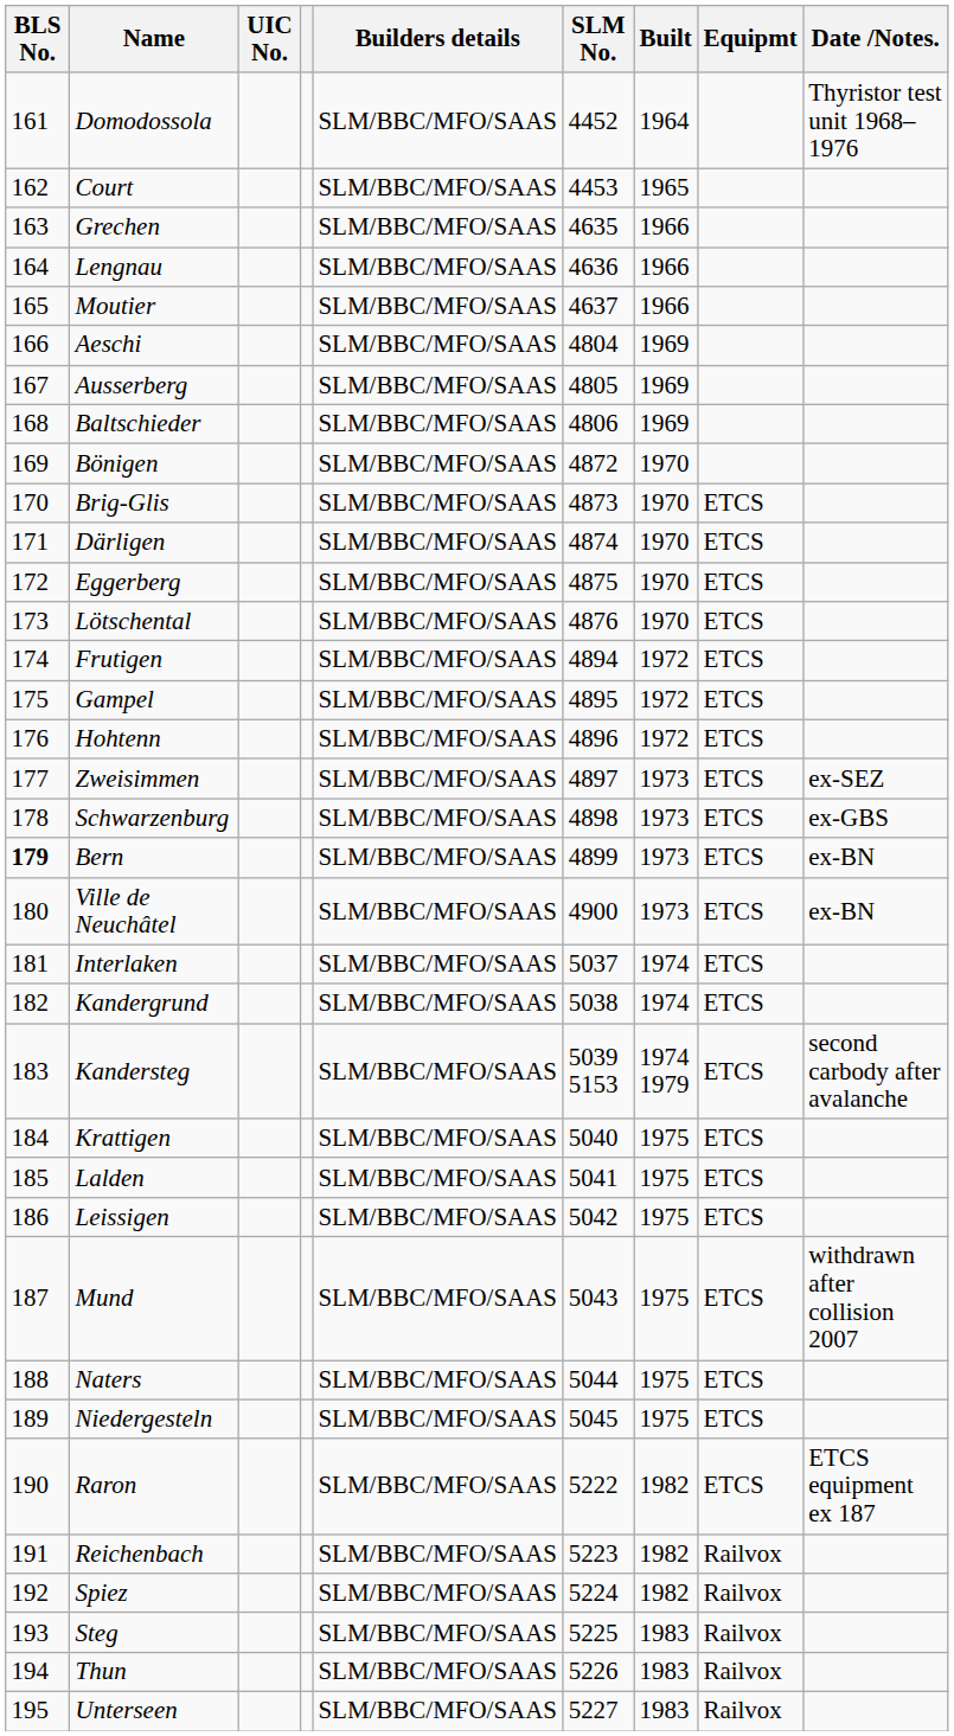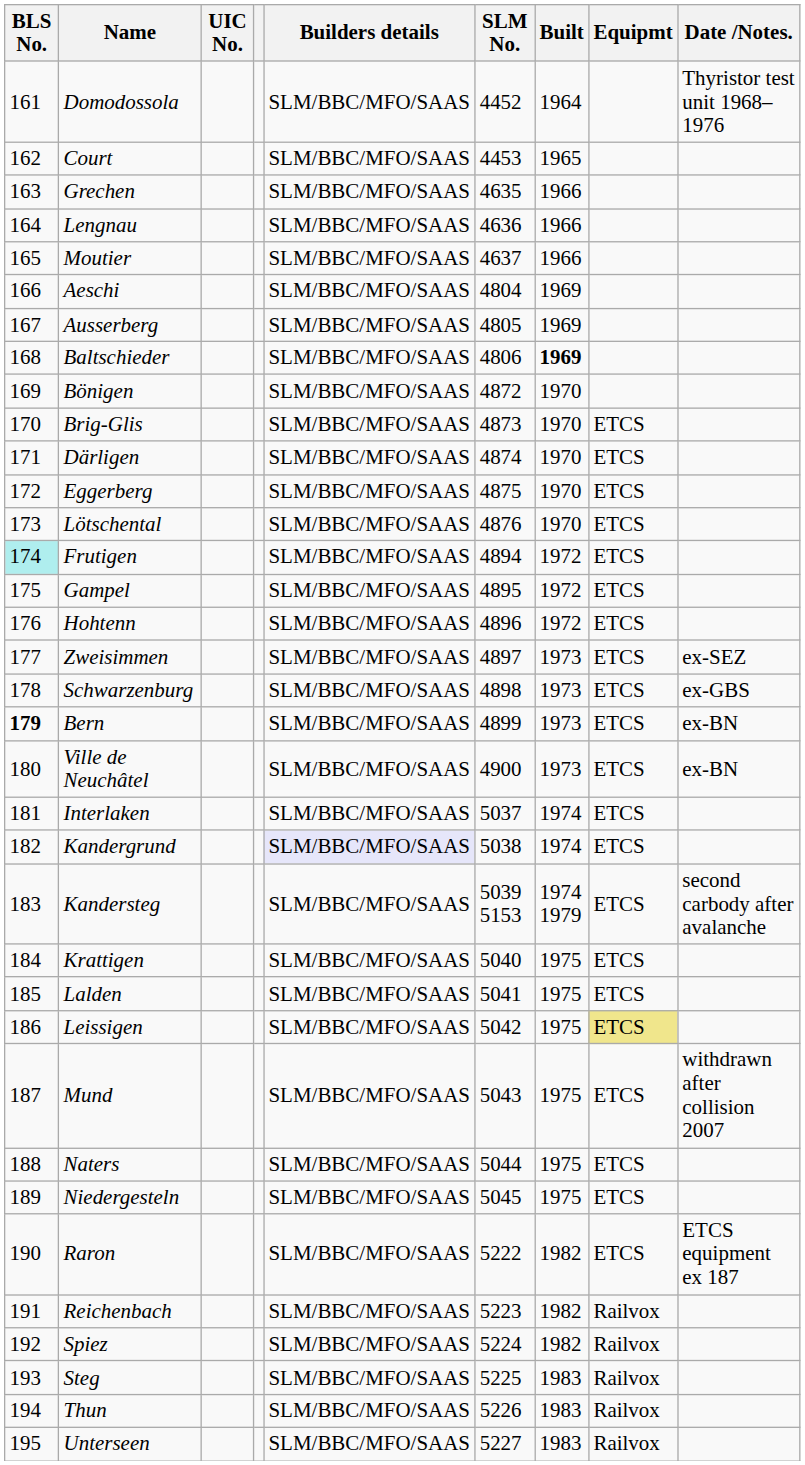 <table class="wikitable">
 <tr>
 <th>BLS No.</th>
 <th>Name</th>
 <th>UIC No.</th>
 <th></th>
 <th>Builders details</th>
 <th>SLM No.</th>
 <th>Built</th>
 <th>Equipmt</th>
 <th>Date /Notes.</th>
 </tr>
 <tr>
 <td>161</td>
 <td><em>Domodossola</em></td>
 <td></td>
 <td></td>
 <td>SLM/BBC/MFO/SAAS</td>
 <td>4452</td>
 <td>1964</td>
 <td></td>
 <td>Thyristor test unit 1968–1976</td>
 </tr>
 <tr>
 <td>162</td>
 <td><em>Court</em></td>
 <td></td>
 <td></td>
 <td>SLM/BBC/MFO/SAAS</td>
 <td>4453</td>
 <td>1965</td>
 <td></td>
 <td></td>
 </tr>
 <tr>
 <td>163</td>
 <td><em>Grechen</em></td>
 <td></td>
 <td></td>
 <td>SLM/BBC/MFO/SAAS</td>
 <td>4635</td>
 <td>1966</td>
 <td></td>
 <td></td>
 </tr>
 <tr>
 <td>164</td>
 <td><em>Lengnau</em></td>
 <td></td>
 <td></td>
 <td>SLM/BBC/MFO/SAAS</td>
 <td>4636</td>
 <td>1966</td>
 <td></td>
 <td></td>
 </tr>
 <tr>
 <td>165</td>
 <td><em>Moutier</em></td>
 <td></td>
 <td></td>
 <td>SLM/BBC/MFO/SAAS</td>
 <td>4637</td>
 <td>1966</td>
 <td></td>
 <td></td>
 </tr>
 <tr>
 <td>166</td>
 <td><em>Aeschi</em></td>
 <td></td>
 <td></td>
 <td>SLM/BBC/MFO/SAAS</td>
 <td>4804</td>
 <td>1969</td>
 <td></td>
 <td></td>
 </tr>
 <tr>
 <td>167</td>
 <td><em>Ausserberg</em></td>
 <td></td>
 <td></td>
 <td>SLM/BBC/MFO/SAAS</td>
 <td>4805</td>
 <td>1969</td>
 <td></td>
 <td></td>
 </tr>
 <tr>
 <td>168</td>
 <td><em>Baltschieder</em></td>
 <td></td>
 <td></td>
 <td>SLM/BBC/MFO/SAAS</td>
 <td>4806</td>
-<td>1969</td>
+<td><strong>1969</strong></td>
 <td></td>
 <td></td>
 </tr>
 <tr>
 <td>169</td>
 <td><em>Bönigen</em></td>
 <td></td>
 <td></td>
 <td>SLM/BBC/MFO/SAAS</td>
 <td>4872</td>
 <td>1970</td>
 <td></td>
 <td></td>
 </tr>
 <tr>
 <td>170</td>
 <td><em>Brig-Glis</em></td>
 <td></td>
 <td></td>
 <td>SLM/BBC/MFO/SAAS</td>
 <td>4873</td>
 <td>1970</td>
 <td>ETCS</td>
 <td></td>
 </tr>
 <tr>
 <td>171</td>
 <td><em>Därligen</em></td>
 <td></td>
 <td></td>
 <td>SLM/BBC/MFO/SAAS</td>
 <td>4874</td>
 <td>1970</td>
 <td>ETCS</td>
 <td></td>
 </tr>
 <tr>
 <td>172</td>
 <td><em>Eggerberg</em></td>
 <td></td>
 <td></td>
 <td>SLM/BBC/MFO/SAAS</td>
 <td>4875</td>
 <td>1970</td>
 <td>ETCS</td>
 <td></td>
 </tr>
 <tr>
 <td>173</td>
 <td><em>Lötschental</em></td>
 <td></td>
 <td></td>
 <td>SLM/BBC/MFO/SAAS</td>
 <td>4876</td>
 <td>1970</td>
 <td>ETCS</td>
 <td></td>
 </tr>
 <tr>
-<td>174</td>
+<td style="background: paleturquoise;">174</td>
 <td><em>Frutigen</em></td>
 <td></td>
 <td></td>
 <td>SLM/BBC/MFO/SAAS</td>
 <td>4894</td>
 <td>1972</td>
 <td>ETCS</td>
 <td></td>
 </tr>
 <tr>
 <td>175</td>
 <td><em>Gampel</em></td>
 <td></td>
 <td></td>
 <td>SLM/BBC/MFO/SAAS</td>
 <td>4895</td>
 <td>1972</td>
 <td>ETCS</td>
 <td></td>
 </tr>
 <tr>
 <td>176</td>
 <td><em>Hohtenn</em></td>
 <td></td>
 <td></td>
 <td>SLM/BBC/MFO/SAAS</td>
 <td>4896</td>
 <td>1972</td>
 <td>ETCS</td>
 <td></td>
 </tr>
 <tr>
 <td>177</td>
 <td><em>Zweisimmen</em></td>
 <td></td>
 <td></td>
 <td>SLM/BBC/MFO/SAAS</td>
 <td>4897</td>
 <td>1973</td>
 <td>ETCS</td>
 <td>ex-SEZ</td>
 </tr>
 <tr>
 <td>178</td>
 <td><em>Schwarzenburg</em></td>
 <td></td>
 <td></td>
 <td>SLM/BBC/MFO/SAAS</td>
 <td>4898</td>
 <td>1973</td>
 <td>ETCS</td>
 <td>ex-GBS</td>
 </tr>
 <tr>
 <td><strong>179</strong></td>
 <td><em>Bern</em></td>
 <td></td>
 <td></td>
 <td>SLM/BBC/MFO/SAAS</td>
 <td>4899</td>
 <td>1973</td>
 <td>ETCS</td>
 <td>ex-BN</td>
 </tr>
 <tr>
 <td>180</td>
 <td><em>Ville de Neuchâtel</em></td>
 <td></td>
 <td></td>
 <td>SLM/BBC/MFO/SAAS</td>
 <td>4900</td>
 <td>1973</td>
 <td>ETCS</td>
 <td>ex-BN</td>
 </tr>
 <tr>
 <td>181</td>
 <td><em>Interlaken</em></td>
 <td></td>
 <td></td>
 <td>SLM/BBC/MFO/SAAS</td>
 <td>5037</td>
 <td>1974</td>
 <td>ETCS</td>
 <td></td>
 </tr>
 <tr>
 <td>182</td>
 <td><em>Kandergrund</em></td>
 <td></td>
 <td></td>
-<td>SLM/BBC/MFO/SAAS</td>
+<td style="background: lavender;">SLM/BBC/MFO/SAAS</td>
 <td>5038</td>
 <td>1974</td>
 <td>ETCS</td>
 <td></td>
 </tr>
 <tr>
 <td>183</td>
 <td><em>Kandersteg</em></td>
 <td></td>
 <td></td>
 <td>SLM/BBC/MFO/SAAS</td>
 <td>5039<br>5153</td>
 <td>1974<br>1979</td>
 <td>ETCS</td>
 <td>second carbody after avalanche</td>
 </tr>
 <tr>
 <td>184</td>
 <td><em>Krattigen</em></td>
 <td></td>
 <td></td>
 <td>SLM/BBC/MFO/SAAS</td>
 <td>5040</td>
 <td>1975</td>
 <td>ETCS</td>
 <td></td>
 </tr>
 <tr>
 <td>185</td>
 <td><em>Lalden</em></td>
 <td></td>
 <td></td>
 <td>SLM/BBC/MFO/SAAS</td>
 <td>5041</td>
 <td>1975</td>
 <td>ETCS</td>
 <td></td>
 </tr>
 <tr>
 <td>186</td>
 <td><em>Leissigen</em></td>
 <td></td>
 <td></td>
 <td>SLM/BBC/MFO/SAAS</td>
 <td>5042</td>
 <td>1975</td>
-<td>ETCS</td>
+<td style="background: khaki;">ETCS</td>
 <td></td>
 </tr>
 <tr>
 <td>187</td>
 <td><em>Mund</em></td>
 <td></td>
 <td></td>
 <td>SLM/BBC/MFO/SAAS</td>
 <td>5043</td>
 <td>1975</td>
 <td>ETCS</td>
 <td>withdrawn after collision 2007</td>
 </tr>
 <tr>
 <td>188</td>
 <td><em>Naters</em></td>
 <td></td>
 <td></td>
 <td>SLM/BBC/MFO/SAAS</td>
 <td>5044</td>
 <td>1975</td>
 <td>ETCS</td>
 <td></td>
 </tr>
 <tr>
 <td>189</td>
 <td><em>Niedergesteln</em></td>
 <td></td>
 <td></td>
 <td>SLM/BBC/MFO/SAAS</td>
 <td>5045</td>
 <td>1975</td>
 <td>ETCS</td>
 <td></td>
 </tr>
 <tr>
 <td>190</td>
 <td><em>Raron</em></td>
 <td></td>
 <td></td>
 <td>SLM/BBC/MFO/SAAS</td>
 <td>5222</td>
 <td>1982</td>
 <td>ETCS</td>
 <td>ETCS equipment ex 187</td>
 </tr>
 <tr>
 <td>191</td>
 <td><em>Reichenbach</em></td>
 <td></td>
 <td></td>
 <td>SLM/BBC/MFO/SAAS</td>
 <td>5223</td>
 <td>1982</td>
 <td>Railvox</td>
 <td></td>
 </tr>
 <tr>
 <td>192</td>
 <td><em>Spiez</em></td>
 <td></td>
 <td></td>
 <td>SLM/BBC/MFO/SAAS</td>
 <td>5224</td>
 <td>1982</td>
 <td>Railvox</td>
 <td></td>
 </tr>
 <tr>
 <td>193</td>
 <td><em>Steg</em></td>
 <td></td>
 <td></td>
 <td>SLM/BBC/MFO/SAAS</td>
 <td>5225</td>
 <td>1983</td>
 <td>Railvox</td>
 <td></td>
 </tr>
 <tr>
 <td>194</td>
 <td><em>Thun</em></td>
 <td></td>
 <td></td>
 <td>SLM/BBC/MFO/SAAS</td>
 <td>5226</td>
 <td>1983</td>
 <td>Railvox</td>
 <td></td>
 </tr>
 <tr>
 <td>195</td>
 <td><em>Unterseen</em></td>
 <td></td>
 <td></td>
 <td>SLM/BBC/MFO/SAAS</td>
 <td>5227</td>
 <td>1983</td>
 <td>Railvox</td>
 <td></td>
 </tr>
 <tr>
 </tr>
 </table>
